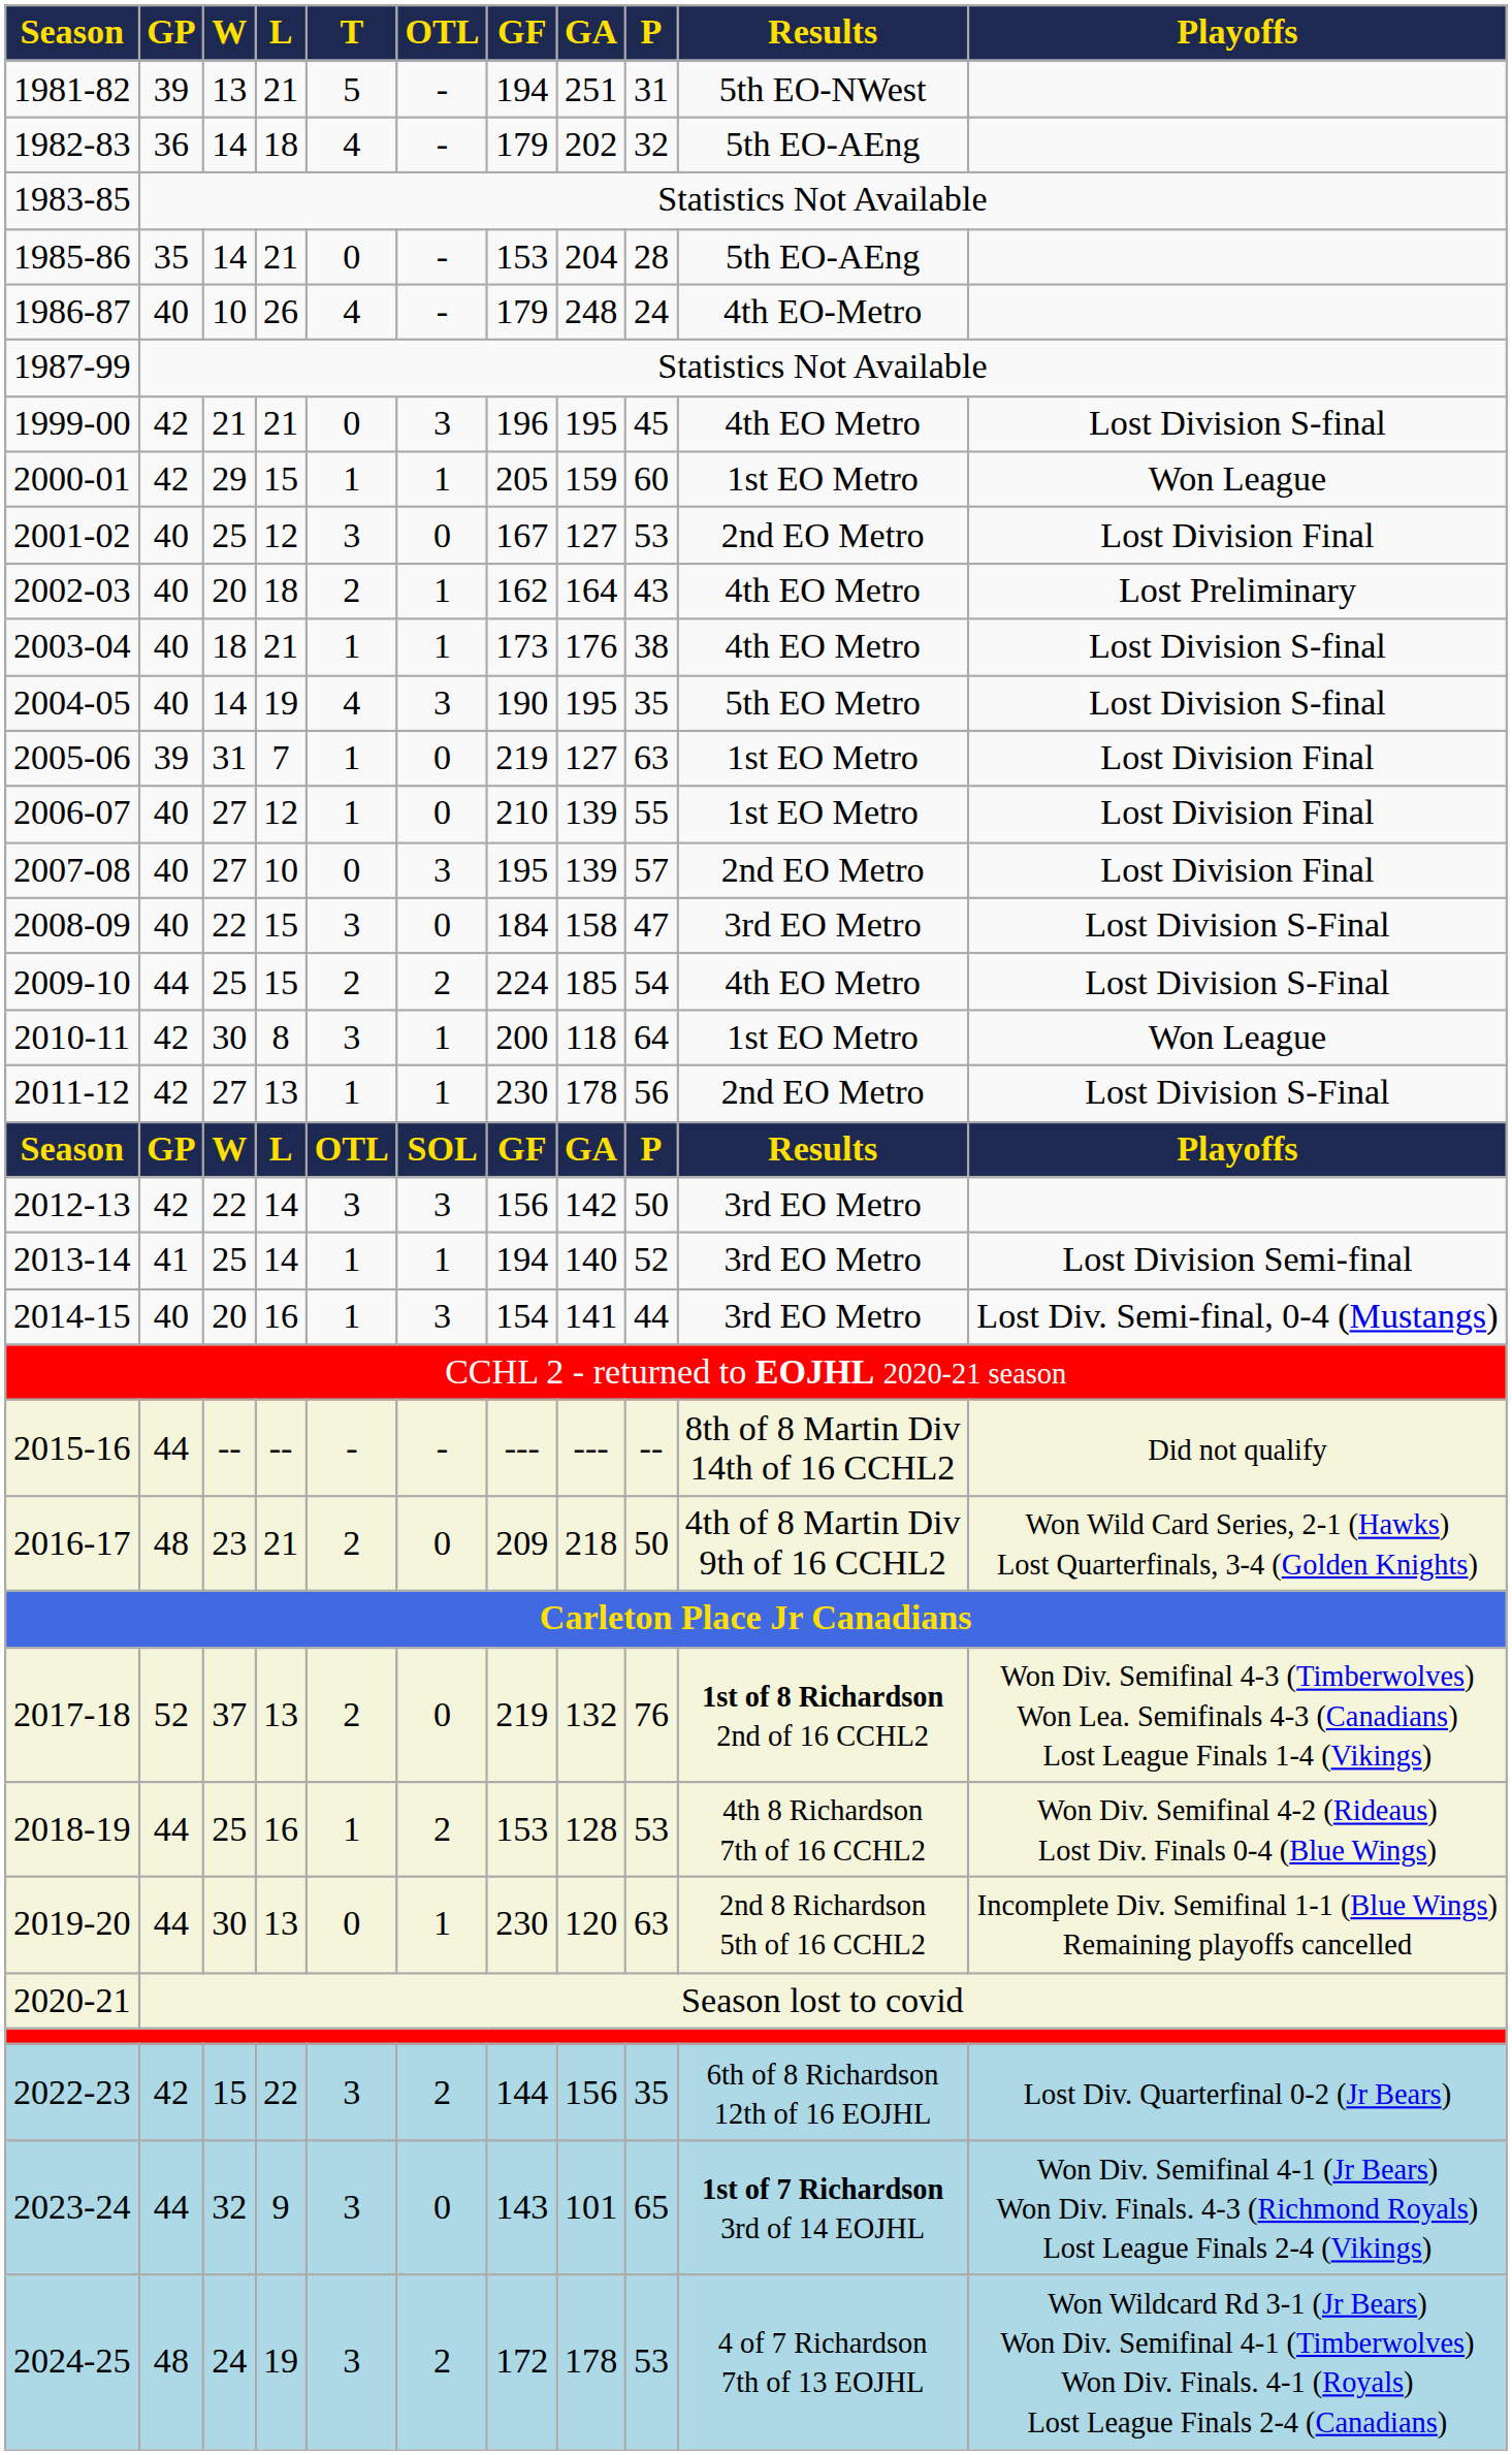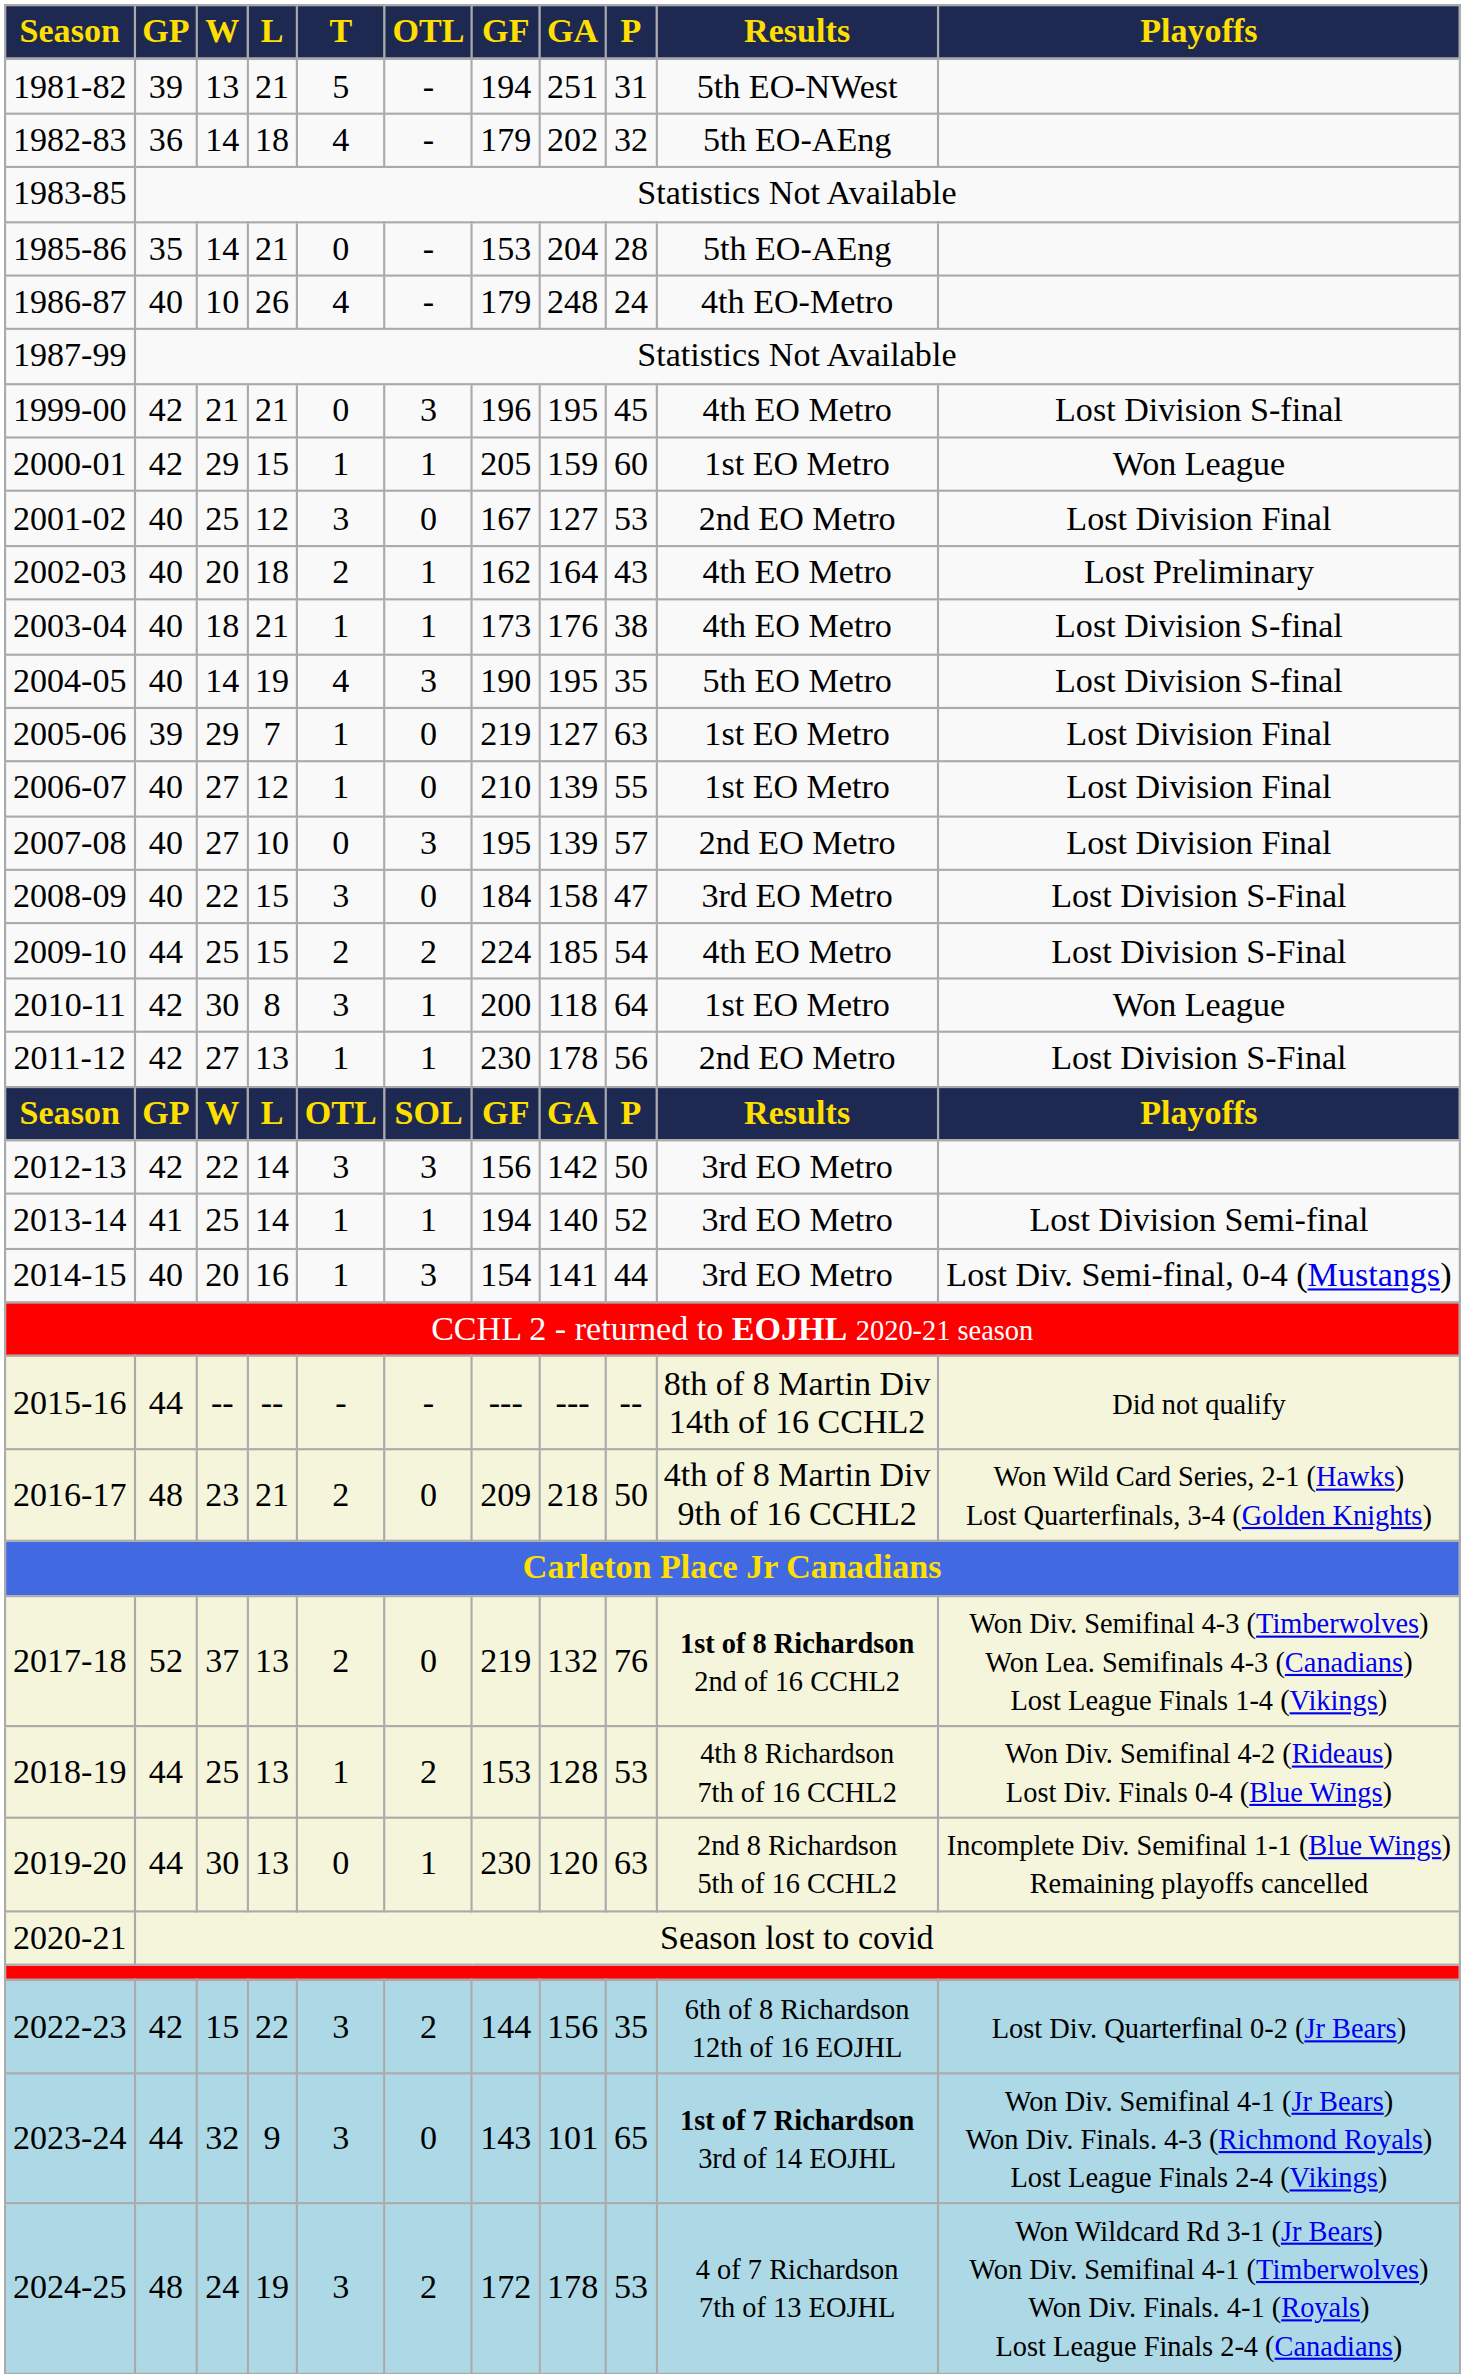 <table class="wikitable">
 <tr align="center" style="color: #FFDF00" bgcolor=" #1D2951">
 <td><strong>Season</strong></td>
 <td><strong>GP</strong></td>
 <td><strong>W</strong></td>
 <td><strong>L</strong></td>
 <td><strong>T</strong></td>
 <td><strong>OTL</strong></td>
 <td><strong>GF</strong></td>
 <td><strong>GA</strong></td>
 <td><strong>P</strong></td>
 <td><strong>Results</strong></td>
 <td><strong>Playoffs</strong></td>
 </tr>
 <tr align="center">
 <td>1981-82</td>
 <td>39</td>
 <td>13</td>
 <td>21</td>
 <td>5</td>
 <td>-</td>
 <td>194</td>
 <td>251</td>
 <td>31</td>
 <td>5th EO-NWest</td>
 <td></td>
 </tr>
 <tr align="center">
 <td>1982-83</td>
 <td>36</td>
 <td>14</td>
 <td>18</td>
 <td>4</td>
 <td>-</td>
 <td>179</td>
 <td>202</td>
 <td>32</td>
 <td>5th EO-AEng</td>
 <td></td>
 </tr>
 <tr align="center">
 <td>1983-85</td>
 <td colspan="11">Statistics Not Available</td>
 </tr>
 <tr align="center">
 <td>1985-86</td>
 <td>35</td>
 <td>14</td>
 <td>21</td>
 <td>0</td>
 <td>-</td>
 <td>153</td>
 <td>204</td>
 <td>28</td>
 <td>5th EO-AEng</td>
 <td></td>
 </tr>
 <tr align="center">
 <td>1986-87</td>
 <td>40</td>
 <td>10</td>
 <td>26</td>
 <td>4</td>
 <td>-</td>
 <td>179</td>
 <td>248</td>
 <td>24</td>
 <td>4th EO-Metro</td>
 <td></td>
 </tr>
 <tr align="center">
 <td>1987-99</td>
 <td colspan="11">Statistics Not Available</td>
 </tr>
 <tr align="center">
 <td>1999-00</td>
 <td>42</td>
 <td>21</td>
 <td>21</td>
 <td>0</td>
 <td>3</td>
 <td>196</td>
 <td>195</td>
 <td>45</td>
 <td>4th EO Metro</td>
 <td>Lost Division S-final</td>
 </tr>
 <tr align="center">
 <td>2000-01</td>
 <td>42</td>
 <td>29</td>
 <td>15</td>
 <td>1</td>
 <td>1</td>
 <td>205</td>
 <td>159</td>
 <td>60</td>
 <td>1st EO Metro</td>
 <td>Won League</td>
 </tr>
 <tr align="center">
 <td>2001-02</td>
 <td>40</td>
 <td>25</td>
 <td>12</td>
 <td>3</td>
 <td>0</td>
 <td>167</td>
 <td>127</td>
 <td>53</td>
 <td>2nd EO Metro</td>
 <td>Lost Division Final</td>
 </tr>
 <tr align="center">
 <td>2002-03</td>
 <td>40</td>
 <td>20</td>
 <td>18</td>
 <td>2</td>
 <td>1</td>
 <td>162</td>
 <td>164</td>
 <td>43</td>
 <td>4th EO Metro</td>
 <td>Lost Preliminary</td>
 </tr>
 <tr align="center">
 <td>2003-04</td>
 <td>40</td>
 <td>18</td>
 <td>21</td>
 <td>1</td>
 <td>1</td>
 <td>173</td>
 <td>176</td>
 <td>38</td>
 <td>4th EO Metro</td>
 <td>Lost Division S-final</td>
 </tr>
 <tr align="center">
 <td>2004-05</td>
 <td>40</td>
 <td>14</td>
 <td>19</td>
 <td>4</td>
 <td>3</td>
 <td>190</td>
 <td>195</td>
 <td>35</td>
 <td>5th EO Metro</td>
 <td>Lost Division S-final</td>
 </tr>
 <tr align="center">
 <td>2005-06</td>
 <td>39</td>
-<td>31</td>
+<td>29</td>
 <td>7</td>
 <td>1</td>
 <td>0</td>
 <td>219</td>
 <td>127</td>
 <td>63</td>
 <td>1st EO Metro</td>
 <td>Lost Division Final</td>
 </tr>
 <tr align="center">
 <td>2006-07</td>
 <td>40</td>
 <td>27</td>
 <td>12</td>
 <td>1</td>
 <td>0</td>
 <td>210</td>
 <td>139</td>
 <td>55</td>
 <td>1st EO Metro</td>
 <td>Lost Division Final</td>
 </tr>
 <tr align="center">
 <td>2007-08</td>
 <td>40</td>
 <td>27</td>
 <td>10</td>
 <td>0</td>
 <td>3</td>
 <td>195</td>
 <td>139</td>
 <td>57</td>
 <td>2nd EO Metro</td>
 <td>Lost Division Final</td>
 </tr>
 <tr align="center">
 <td>2008-09</td>
 <td>40</td>
 <td>22</td>
 <td>15</td>
 <td>3</td>
 <td>0</td>
 <td>184</td>
 <td>158</td>
 <td>47</td>
 <td>3rd EO Metro</td>
 <td>Lost Division S-Final</td>
 </tr>
 <tr align="center">
 <td>2009-10</td>
 <td>44</td>
 <td>25</td>
 <td>15</td>
 <td>2</td>
 <td>2</td>
 <td>224</td>
 <td>185</td>
 <td>54</td>
 <td>4th EO Metro</td>
 <td>Lost Division S-Final</td>
 </tr>
 <tr align="center">
 <td>2010-11</td>
 <td>42</td>
 <td>30</td>
 <td>8</td>
 <td>3</td>
 <td>1</td>
 <td>200</td>
 <td>118</td>
 <td>64</td>
 <td>1st EO Metro</td>
 <td>Won League</td>
 </tr>
 <tr align="center">
 <td>2011-12</td>
 <td>42</td>
 <td>27</td>
 <td>13</td>
 <td>1</td>
 <td>1</td>
 <td>230</td>
 <td>178</td>
 <td>56</td>
 <td>2nd EO Metro</td>
 <td>Lost Division S-Final</td>
 </tr>
 <tr align="center" style="color: #FFDF00" bgcolor=" #1D2951">
 <td><strong>Season</strong></td>
 <td><strong>GP</strong></td>
 <td><strong>W</strong></td>
 <td><strong>L</strong></td>
 <td><strong>OTL</strong></td>
 <td><strong>SOL</strong></td>
 <td><strong>GF</strong></td>
 <td><strong>GA</strong></td>
 <td><strong>P</strong></td>
 <td><strong>Results</strong></td>
 <td><strong>Playoffs</strong></td>
 </tr>
 <tr align="center">
 <td>2012-13</td>
 <td>42</td>
 <td>22</td>
 <td>14</td>
 <td>3</td>
 <td>3</td>
 <td>156</td>
 <td>142</td>
 <td>50</td>
 <td>3rd EO Metro</td>
 <td></td>
 </tr>
 <tr align="center">
 <td>2013-14</td>
 <td>41</td>
 <td>25</td>
 <td>14</td>
 <td>1</td>
 <td>1</td>
 <td>194</td>
 <td>140</td>
 <td>52</td>
 <td>3rd EO Metro</td>
 <td>Lost Division Semi-final</td>
 </tr>
 <tr align="center">
 <td>2014-15</td>
 <td>40</td>
 <td>20</td>
 <td>16</td>
 <td>1</td>
 <td>3</td>
 <td>154</td>
 <td>141</td>
 <td>44</td>
 <td>3rd EO Metro</td>
 <td>Lost Div. Semi-final, 0-4 (<a href='#'>Mustangs</a>)</td>
 </tr>
 <tr align="center" bgcolor=red style="color: white">
 <td colspan="12">CCHL 2 - returned to <strong>EOJHL</strong> <small>2020-21 season</small></td>
 </tr>
 <tr align="center" bgcolor=beige>
 <td>2015-16</td>
 <td>44</td>
 <td>--</td>
 <td>--</td>
 <td>-</td>
 <td>-</td>
 <td>---</td>
 <td>---</td>
 <td>--</td>
 <td>8th of 8 Martin Div<br>14th of 16 CCHL2</td>
 <td><small>Did not qualify</small></td>
 </tr>
 <tr align="center" bgcolor=beige>
 <td>2016-17</td>
 <td>48</td>
 <td>23</td>
 <td>21</td>
 <td>2</td>
 <td>0</td>
 <td>209</td>
 <td>218</td>
 <td>50</td>
 <td>4th of 8 Martin Div<br>9th of 16 CCHL2</td>
 <td><small>Won Wild Card Series, 2-1 (<a href='#'>Hawks</a>)<br>Lost Quarterfinals, 3-4 (<a href='#'>Golden Knights</a>)</small></td>
 </tr>
 <tr align="center" bgcolor=RoyalBlue style="color: #FFDF00">
 <td colspan="12"><strong>Carleton Place Jr Canadians</strong></td>
 </tr>
 <tr align="center" bgcolor=beige>
 <td>2017-18</td>
 <td>52</td>
 <td>37</td>
 <td>13</td>
 <td>2</td>
 <td>0</td>
 <td>219</td>
 <td>132</td>
 <td>76</td>
 <td><small><strong>1st of 8 Richardson</strong><br>2nd of 16 CCHL2 </small></td>
 <td><small>Won Div. Semifinal 4-3 (<a href='#'>Timberwolves</a>)<br>Won Lea. Semifinals 4-3 (<a href='#'>Canadians</a>)<br>Lost League Finals 1-4 (<a href='#'>Vikings</a>)</small></td>
 </tr>
 <tr align="center" bgcolor=beige>
 <td>2018-19</td>
 <td>44</td>
 <td>25</td>
-<td>16</td>
+<td>13</td>
 <td>1</td>
 <td>2</td>
 <td>153</td>
 <td>128</td>
 <td>53</td>
 <td><small>4th 8 Richardson<br>7th of 16 CCHL2 </small></td>
 <td><small>Won Div. Semifinal 4-2 (<a href='#'>Rideaus</a>)<br>Lost Div. Finals 0-4 (<a href='#'>Blue Wings</a>)</small></td>
 </tr>
 <tr align="center" bgcolor=beige>
 <td>2019-20</td>
 <td>44</td>
 <td>30</td>
 <td>13</td>
 <td>0</td>
 <td>1</td>
 <td>230</td>
 <td>120</td>
 <td>63</td>
 <td><small>2nd 8 Richardson<br>5th of 16 CCHL2 </small></td>
 <td><small>Incomplete Div. Semifinal 1-1 (<a href='#'>Blue Wings</a>)<br>Remaining playoffs cancelled</small></td>
 </tr>
 <tr align="center" bgcolor=beige>
 <td>2020-21</td>
 <td colspan="10">Season lost to covid</td>
 </tr>
 <tr align="center" bgcolor=red style="color: white">
 <td colspan="12"></td>
 </tr>
 <tr align="center" bgcolor=lightblue>
 <td>2022-23</td>
 <td>42</td>
 <td>15</td>
 <td>22</td>
 <td>3</td>
 <td>2</td>
 <td>144</td>
 <td>156</td>
 <td>35</td>
 <td><small>6th of 8 Richardson<br>12th of 16 EOJHL </small></td>
 <td><small>Lost Div. Quarterfinal 0-2 (<a href='#'>Jr Bears</a>)</small></td>
 </tr>
 <tr align="center" bgcolor=lightblue>
 <td>2023-24</td>
 <td>44</td>
 <td>32</td>
 <td>9</td>
 <td>3</td>
 <td>0</td>
 <td>143</td>
 <td>101</td>
 <td>65</td>
 <td><small><strong>1st of 7 Richardson</strong><br>3rd of 14 EOJHL </small></td>
 <td><small>Won Div. Semifinal 4-1 (<a href='#'>Jr Bears</a>)<br>Won Div. Finals. 4-3 (<a href='#'>Richmond Royals</a>)<br>Lost League Finals 2-4 (<a href='#'>Vikings</a>)</small></td>
 </tr>
 <tr align="center" bgcolor=lightblue>
 <td>2024-25</td>
 <td>48</td>
 <td>24</td>
 <td>19</td>
 <td>3</td>
 <td>2</td>
 <td>172</td>
 <td>178</td>
 <td>53</td>
 <td><small>4 of 7 Richardson<br>7th of 13 EOJHL </small></td>
 <td><small>Won Wildcard  Rd 3-1 (<a href='#'>Jr Bears</a>)<br>Won Div. Semifinal 4-1 (<a href='#'>Timberwolves</a>)<br>Won Div. Finals. 4-1 (<a href='#'>Royals</a>)<br>Lost League Finals 2-4 (<a href='#'>Canadians</a>)</small></td>
 </tr>
 </table>
